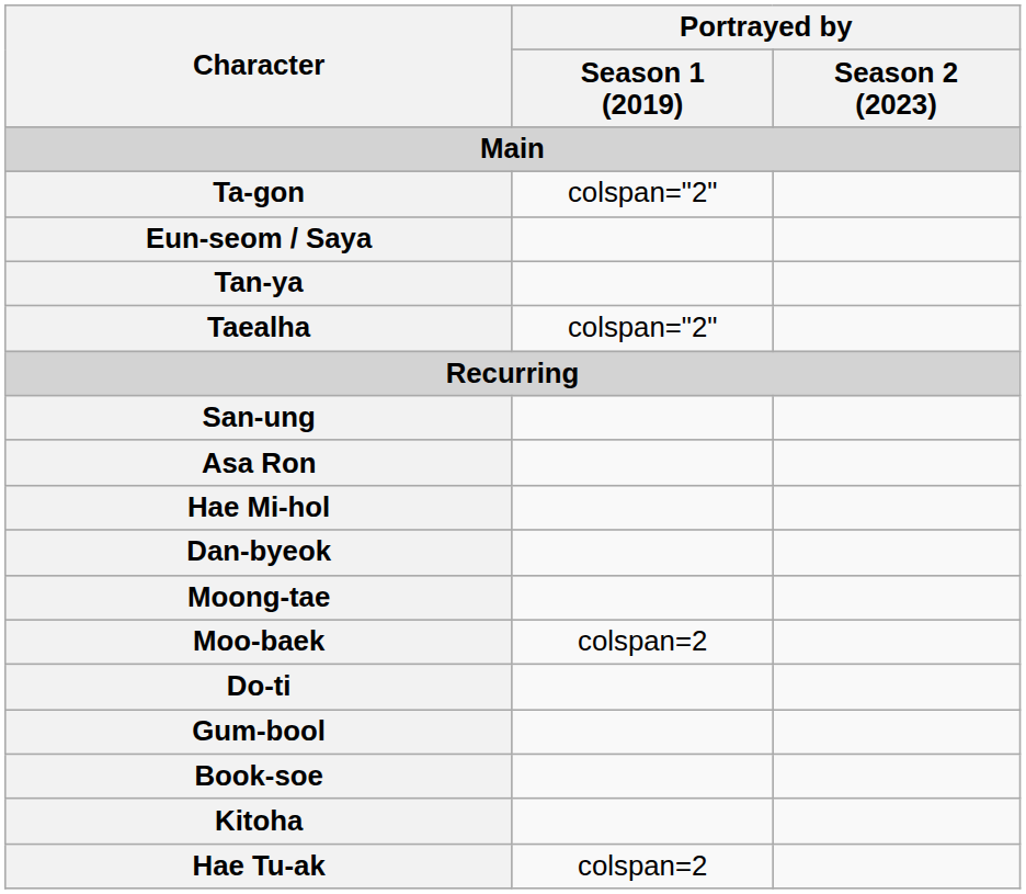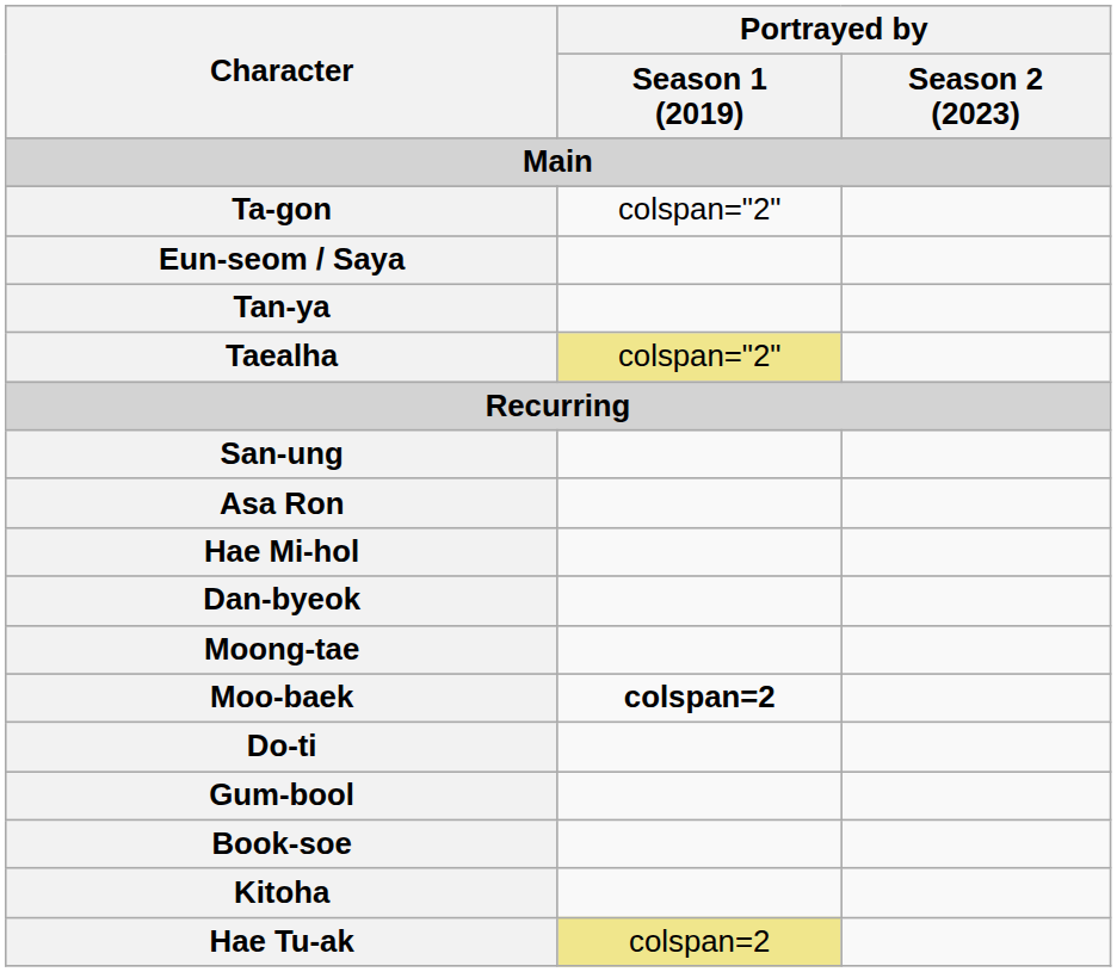 <table class="wikitable" style="text-align:center;">
 <tr>
 <th rowspan="2" style="width:280px;">Character</th>
 <th style="width:280px;" colspan="2">Portrayed by</th>
 </tr>
 <tr>
 <th style="width:80px;">Season 1<br>(2019)</th>
 <th style="width:80px;">Season 2<br>(2023)</th>
 </tr>
 <tr>
 <th colspan="4" style="background:lightgrey;"><strong>Main</strong></th>
 </tr>
 <tr>
 <th>Ta-gon</th>
 <td>colspan="2" </td>
 </tr>
 <tr>
 <th>Eun-seom / Saya</th>
 <td></td>
 <td></td>
 </tr>
 <tr>
 <th>Tan-ya</th>
 <td></td>
 <td></td>
 </tr>
 <tr>
 <th>Taealha</th>
-<td>colspan="2" </td>
+<td style="background: khaki;">colspan="2" </td>
 </tr>
 <tr>
 <th colspan="4" style="background:lightgrey;"><strong>Recurring</strong></th>
 </tr>
 <tr>
 <th>San-ung</th>
 <td></td>
 <td></td>
 </tr>
 <tr>
 <th>Asa Ron</th>
 <td></td>
 <td></td>
 </tr>
 <tr>
 <th>Hae Mi-hol</th>
 <td></td>
 <td></td>
 </tr>
 <tr>
 <th>Dan-byeok</th>
 <td></td>
 <td></td>
 </tr>
 <tr>
 <th>Moong-tae</th>
 <td></td>
 <td></td>
 </tr>
 <tr>
 <th>Moo-baek</th>
-<td>colspan=2 </td>
+<td><strong>colspan=2 </strong></td>
 </tr>
 <tr>
 <th>Do-ti</th>
 <td></td>
 <td></td>
 </tr>
 <tr>
 <th>Gum-bool</th>
 <td></td>
 <td></td>
 </tr>
 <tr>
 <th>Book-soe</th>
 <td></td>
 <td></td>
 </tr>
 <tr>
 <th>Kitoha</th>
 <td></td>
 <td></td>
 </tr>
 <tr>
 <th>Hae Tu-ak</th>
-<td>colspan=2 </td>
+<td style="background: khaki;">colspan=2 </td>
 </tr>
 </table>
